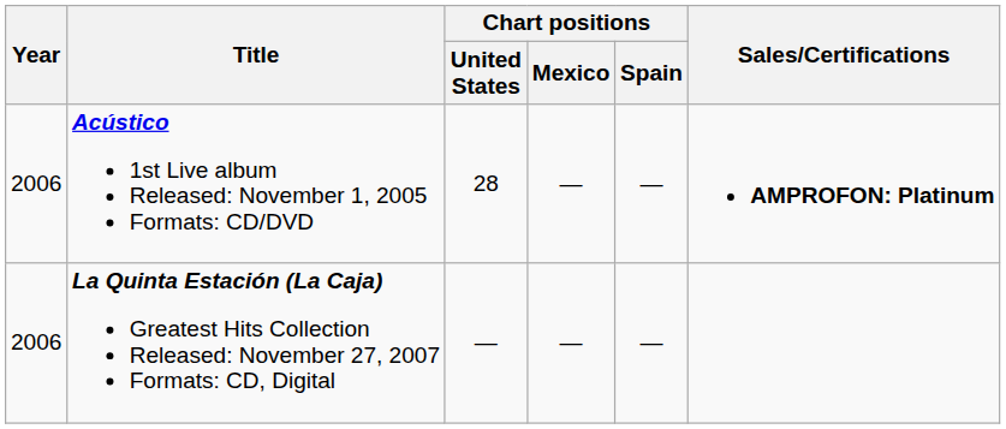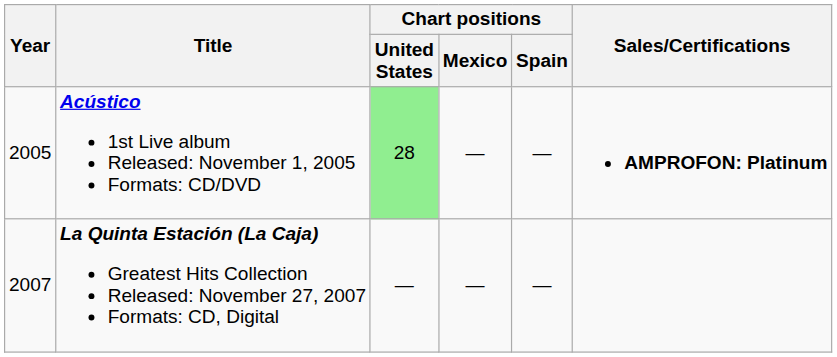 <table class="wikitable">
 <tr>
 <th rowspan="2">Year</th>
 <th rowspan="2">Title</th>
 <th colspan="3">Chart positions</th>
 <th rowspan="2">Sales/Certifications</th>
 </tr>
 <tr>
 <th width="20">United States</th>
 <th width="20">Mexico</th>
 <th width="20">Spain</th>
 </tr>
 <tr>
-<td>2006</td>
+<td>2005</td>
 <td><strong><em><a href='#'>Acústico</a></em></strong><br><ul><li>1st Live album</li><li>Released: November 1, 2005</li><li>Formats: CD/DVD</li></ul></td>
-<td align="center">28</td>
+<td align="center" style="background: lightgreen;">28</td>
 <td align="center">—</td>
 <td align="center">—</td>
 <td><strong><br><ul><li>AMPROFON: Platinum</li></ul></strong></td>
 </tr>
 <tr>
-<td>2006</td>
+<td>2007</td>
 <td><strong><em>La Quinta Estación (La Caja)</em></strong><br><ul><li>Greatest Hits Collection</li><li>Released: November 27, 2007</li><li>Formats: CD, Digital</li></ul></td>
 <td align="center">—</td>
 <td align="center">—</td>
 <td align="center">—</td>
 <td></td>
 </tr>
 </table>
